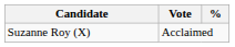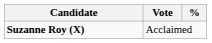 <table class="wikitable">
 <tr>
 <th bgcolor="#DDDDFF" width="200px">Candidate</th>
 <th bgcolor="#DDDDFF" width="50px">Vote</th>
 <th bgcolor="#DDDDFF" width="30px">%</th>
 </tr>
 <tr>
-<td>Suzanne Roy (X)</td>
+<td><strong>Suzanne Roy (X)</strong></td>
 <td colspan="2">Acclaimed</td>
 </tr>
 </table>
